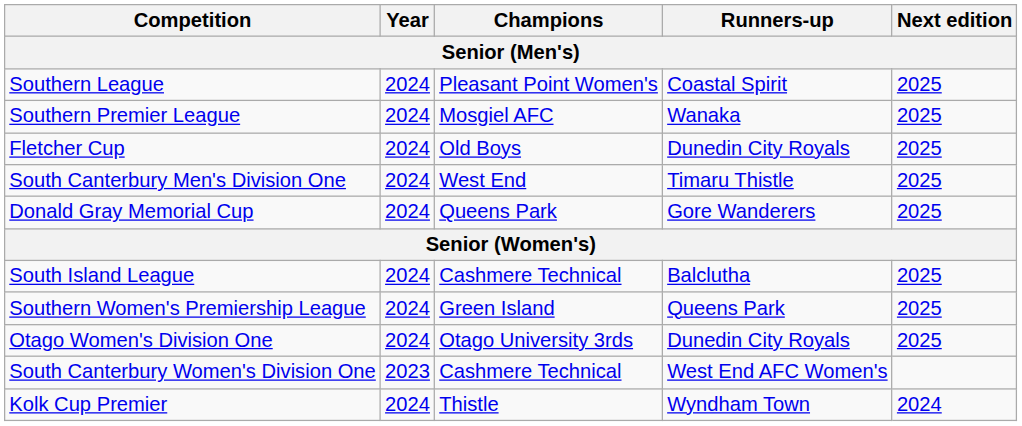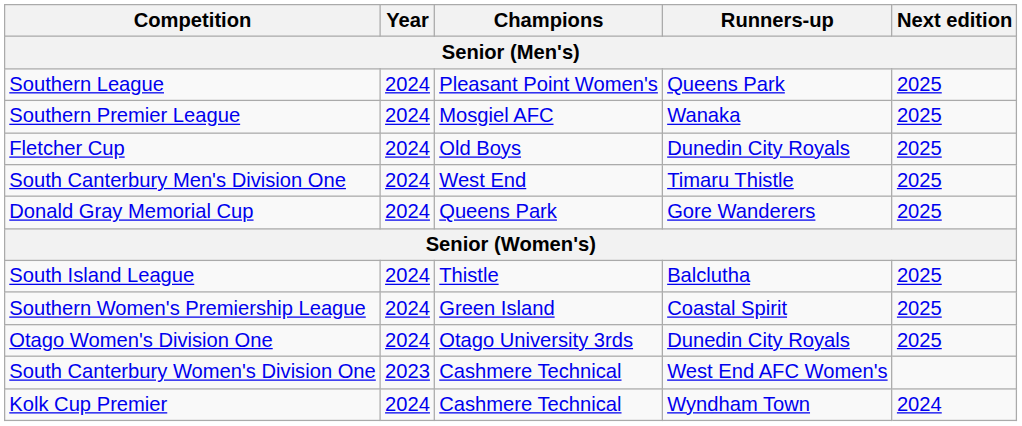 <table class="wikitable sortable">
 <tr>
 <th>Competition</th>
 <th>Year</th>
 <th>Champions</th>
 <th>Runners-up</th>
 <th>Next edition</th>
 </tr>
 <tr>
 <th colspan=6>Senior (Men's)</th>
 </tr>
 <tr>
 <td><a href='#'>Southern League</a></td>
 <td><a href='#'>2024</a></td>
 <td><a href='#'>Pleasant Point Women's</a></td>
-<td><a href='#'>Coastal Spirit</a></td>
+<td><a href='#'>Queens Park</a></td>
 <td><a href='#'>2025</a></td>
 </tr>
 <tr>
 <td><a href='#'>Southern Premier League</a></td>
 <td><a href='#'>2024</a></td>
 <td><a href='#'>Mosgiel AFC</a></td>
 <td><a href='#'>Wanaka</a></td>
 <td><a href='#'>2025</a></td>
 </tr>
 <tr>
 <td><a href='#'>Fletcher Cup</a></td>
 <td><a href='#'>2024</a></td>
 <td><a href='#'>Old Boys</a></td>
 <td><a href='#'>Dunedin City Royals</a></td>
 <td><a href='#'>2025</a></td>
 </tr>
 <tr>
 <td><a href='#'>South Canterbury Men's Division One</a></td>
 <td><a href='#'>2024</a></td>
 <td><a href='#'>West End</a></td>
 <td><a href='#'>Timaru Thistle</a></td>
 <td><a href='#'>2025</a></td>
 </tr>
 <tr>
 <td><a href='#'>Donald Gray Memorial Cup</a></td>
 <td><a href='#'>2024</a></td>
 <td><a href='#'>Queens Park</a></td>
 <td><a href='#'>Gore Wanderers</a></td>
 <td><a href='#'>2025</a></td>
 </tr>
 <tr>
 <th colspan=6>Senior (Women's)</th>
 </tr>
 <tr>
 <td><a href='#'>South Island League</a></td>
 <td><a href='#'>2024</a></td>
-<td><a href='#'>Cashmere Technical</a></td>
+<td><a href='#'>Thistle</a></td>
 <td><a href='#'>Balclutha</a></td>
 <td><a href='#'>2025</a></td>
 </tr>
 <tr>
 <td><a href='#'>Southern Women's Premiership League</a></td>
 <td><a href='#'>2024</a></td>
 <td><a href='#'>Green Island</a></td>
-<td><a href='#'>Queens Park</a></td>
+<td><a href='#'>Coastal Spirit</a></td>
 <td><a href='#'>2025</a></td>
 </tr>
 <tr>
 <td><a href='#'>Otago Women's Division One</a></td>
 <td><a href='#'>2024</a></td>
 <td><a href='#'>Otago University 3rds</a></td>
 <td><a href='#'>Dunedin City Royals</a></td>
 <td><a href='#'>2025</a></td>
 </tr>
 <tr>
 <td><a href='#'>South Canterbury Women's Division One</a></td>
 <td><a href='#'>2023</a></td>
 <td><a href='#'>Cashmere Technical</a></td>
 <td><a href='#'>West End AFC Women's</a></td>
 <td></td>
 </tr>
 <tr>
 <td><a href='#'>Kolk Cup Premier</a></td>
 <td><a href='#'>2024</a></td>
-<td><a href='#'>Thistle</a></td>
+<td><a href='#'>Cashmere Technical</a></td>
 <td><a href='#'>Wyndham Town</a></td>
 <td><a href='#'>2024</a></td>
 </tr>
 </table>
